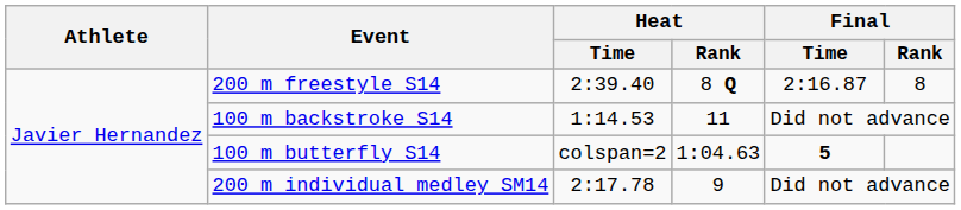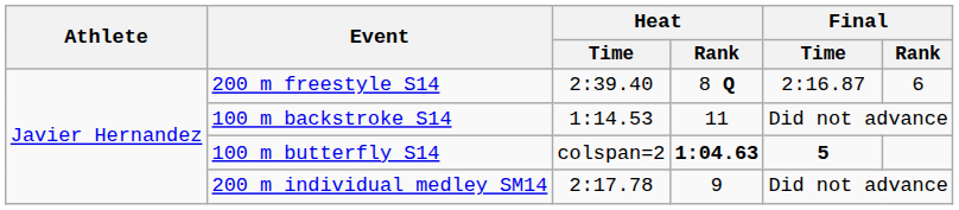 <table class=wikitable style=font-size:90%;text-align:center>
 <tr>
 <th rowspan=2>Athlete</th>
 <th rowspan=2>Event</th>
 <th colspan=2>Heat</th>
 <th colspan=2>Final</th>
 </tr>
 <tr style=font-size:95%>
 <th>Time</th>
 <th>Rank</th>
 <th>Time</th>
 <th>Rank</th>
 </tr>
 <tr align=center>
 <td align=left rowspan=4><a href='#'>Javier Hernandez</a></td>
 <td align=left><a href='#'>200 m freestyle S14</a></td>
 <td>2:39.40</td>
 <td>8 <strong>Q</strong></td>
 <td>2:16.87</td>
-<td>8</td>
+<td>6</td>
 </tr>
 <tr align=center>
 <td align=left><a href='#'>100 m backstroke S14</a></td>
 <td>1:14.53</td>
 <td>11</td>
 <td colspan=2>Did not advance</td>
 </tr>
 <tr align=center>
 <td align=left><a href='#'>100 m butterfly S14</a></td>
 <td>colspan=2 </td>
-<td>1:04.63</td>
+<td><strong>1:04.63</strong></td>
 <td><strong>5</strong></td>
 </tr>
 <tr align=center>
 <td align=left><a href='#'>200 m individual medley SM14</a></td>
 <td>2:17.78</td>
 <td>9</td>
 <td colspan=2>Did not advance</td>
 </tr>
 </table>
